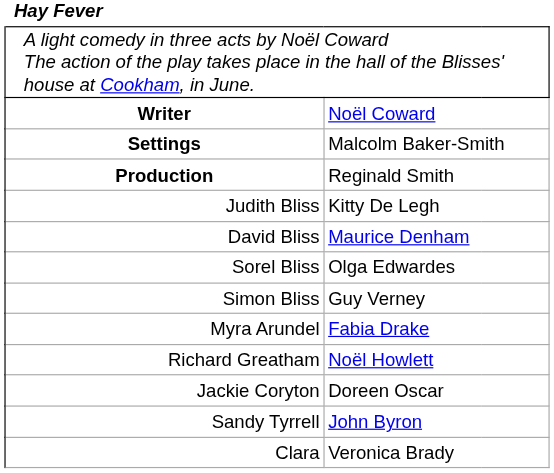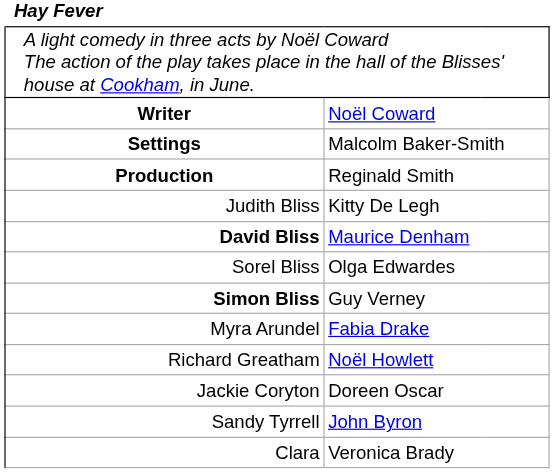 <table class="wikitable mw-collapsible mw-collapsed" style="vertical-align:top;margin:auto 2em;line-height:1.2;max-width:33em;background-color:inherit;border:none;">
 <tr>
 <td class=unsortable style="border:hidden;line-height:1.67;margin-left:-1em;text-align:center;padding-left:0.5em;min-width:1.0em;"></td>
 <td class=unsortable style="border-style:none;padding-left:0.5em;text-align:left;min-width:16.5em;font-weight:700;font-style:italic;">Hay Fever</td>
 <td class=unsortable style="border:none;text-align:right;font-weight:normal; font-size:95%; min-width:8.5em;padding-right:0.2em;"></td>
 <td class=unsortable style="border:none;min-width:3.5em;padding-left:0;"></td>
 <td class=unsortable style="border:hidden;min-width:3.5em;font-size:95%;"></td>
 </tr>
 <tr>
 <td rowspan=100 style="border:none thin;border-right-style :solid;"></td>
 <td colspan=3 style="text-align:left;padding:0.1em 1em;font-style:italic;border: solid thin;">A light comedy in three acts by Noël Coward<br>The action of the play takes place in the hall of the Blisses' house at <a href='#'>Cookham</a>, in June.</td>
 </tr>
 <tr>
 <td style="text-align:center;font-weight:bold;">Writer</td>
 <td colspan=2><a href='#'>Noël Coward</a></td>
 </tr>
 <tr>
 <td style="text-align:center;font-weight:bold;">Settings</td>
 <td colspan=2>Malcolm Baker-Smith</td>
 </tr>
 <tr>
 <td style="text-align:center;font-weight:bold;">Production</td>
 <td colspan=2>Reginald Smith</td>
 </tr>
 <tr>
 <td style="text-align:right;">Judith Bliss</td>
 <td colspan=2>Kitty De Legh</td>
 </tr>
 <tr>
-<td style="text-align:right;">David Bliss</td>
+<td style="text-align:right;"><strong>David Bliss</strong></td>
 <td colspan=2><a href='#'>Maurice Denham</a></td>
 </tr>
 <tr>
 <td style="text-align:right;">Sorel Bliss</td>
 <td colspan=2>Olga Edwardes</td>
 </tr>
 <tr>
-<td style="text-align:right;">Simon Bliss</td>
+<td style="text-align:right;"><strong>Simon Bliss</strong></td>
 <td colspan=2>Guy Verney</td>
 </tr>
 <tr>
 <td style="text-align:right;">Myra Arundel</td>
 <td colspan=2><a href='#'>Fabia Drake</a></td>
 </tr>
 <tr>
 <td style="text-align:right;">Richard Greatham</td>
 <td colspan=2><a href='#'>Noël Howlett</a></td>
 </tr>
 <tr>
 <td style="text-align:right;">Jackie Coryton</td>
 <td colspan=2>Doreen Oscar<br></td>
 </tr>
 <tr>
 <td style="text-align:right;">Sandy Tyrrell</td>
 <td colspan=2><a href='#'>John Byron</a></td>
 </tr>
 <tr>
 <td style="text-align:right;">Clara</td>
 <td colspan=2>Veronica Brady</td>
 </tr>
 </table>
